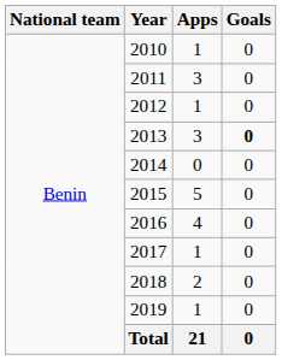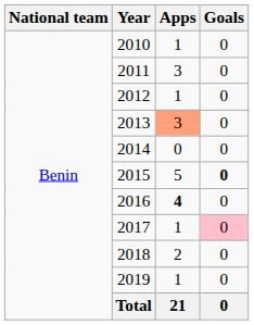 <table class="wikitable" style="text-align:center">
 <tr>
 <th>National team</th>
 <th>Year</th>
 <th>Apps</th>
 <th>Goals</th>
 </tr>
 <tr>
 <td rowspan="11"><a href='#'>Benin</a></td>
 <td>2010</td>
 <td>1</td>
 <td>0</td>
 </tr>
 <tr>
 <td>2011</td>
 <td>3</td>
 <td>0</td>
 </tr>
 <tr>
 <td>2012</td>
 <td>1</td>
 <td>0</td>
 </tr>
 <tr>
 <td>2013</td>
-<td>3</td>
-<td><strong>0</strong></td>
+<td style="background: lightsalmon;">3</td>
+<td>0</td>
 </tr>
 <tr>
 <td>2014</td>
 <td>0</td>
 <td>0</td>
 </tr>
 <tr>
 <td>2015</td>
 <td>5</td>
-<td>0</td>
+<td><strong>0</strong></td>
 </tr>
 <tr>
 <td>2016</td>
-<td>4</td>
+<td><strong>4</strong></td>
 <td>0</td>
 </tr>
 <tr>
 <td>2017</td>
 <td>1</td>
-<td>0</td>
+<td style="background: pink;">0</td>
 </tr>
 <tr>
 <td>2018</td>
 <td>2</td>
 <td>0</td>
 </tr>
 <tr>
 <td>2019</td>
 <td>1</td>
 <td>0</td>
 </tr>
 <tr>
 <th>Total</th>
 <th>21</th>
 <th>0</th>
 </tr>
 </table>
